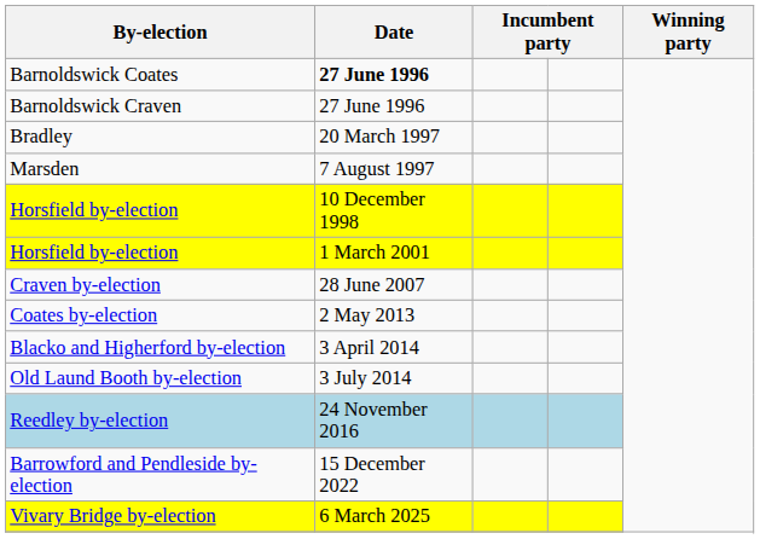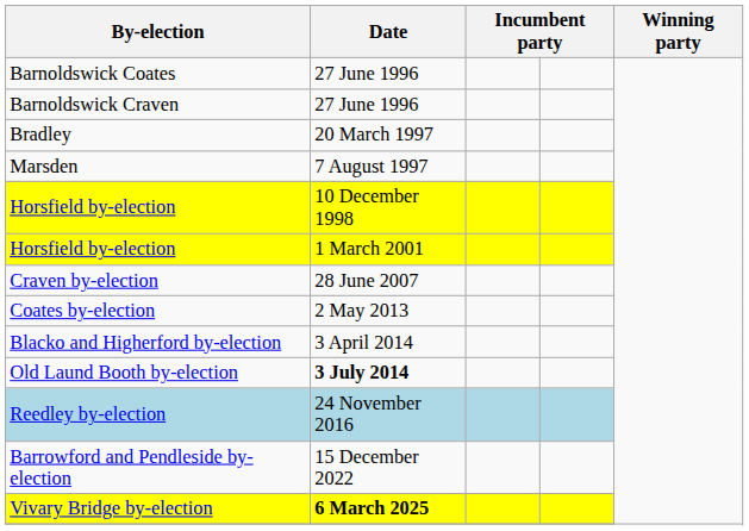 <table class="wikitable">
 <tr>
 <th>By-election</th>
 <th>Date</th>
 <th colspan=2>Incumbent party</th>
 <th colspan=2>Winning party</th>
 </tr>
 <tr bgcolor=>
 <td>Barnoldswick Coates</td>
-<td><strong>27 June 1996</strong></td>
+<td>27 June 1996</td>
 <td></td>
 <td></td>
 </tr>
 <tr bgcolor=>
 <td>Barnoldswick Craven</td>
 <td>27 June 1996</td>
 <td></td>
 <td></td>
 </tr>
 <tr bgcolor=>
 <td>Bradley</td>
 <td>20 March 1997</td>
 <td></td>
 <td></td>
 </tr>
 <tr bgcolor=>
 <td>Marsden</td>
 <td>7 August 1997</td>
 <td></td>
 <td></td>
 </tr>
 <tr bgcolor=yellow>
 <td><a href='#'>Horsfield by-election</a></td>
 <td>10 December 1998</td>
 <td></td>
 <td></td>
 </tr>
 <tr bgcolor=yellow>
 <td><a href='#'>Horsfield by-election</a></td>
 <td>1 March 2001</td>
 <td></td>
 <td></td>
 </tr>
 <tr bgcolor=>
 <td><a href='#'>Craven by-election</a></td>
 <td>28 June 2007</td>
 <td></td>
 <td></td>
 </tr>
 <tr bgcolor=>
 <td><a href='#'>Coates by-election</a></td>
 <td>2 May 2013</td>
 <td></td>
 <td></td>
 </tr>
 <tr bgcolor=>
 <td><a href='#'>Blacko and Higherford by-election</a></td>
 <td>3 April 2014</td>
 <td></td>
 <td></td>
 </tr>
 <tr bgcolor=>
 <td><a href='#'>Old Laund Booth by-election</a></td>
-<td>3 July 2014</td>
+<td><strong>3 July 2014</strong></td>
 <td></td>
 <td></td>
 </tr>
 <tr bgcolor=lightblue>
 <td><a href='#'>Reedley by-election</a></td>
 <td>24 November 2016</td>
 <td></td>
 <td></td>
 </tr>
 <tr>
 <td><a href='#'>Barrowford and Pendleside by-election</a></td>
 <td>15 December 2022</td>
 <td></td>
 <td></td>
 </tr>
 <tr bgcolor=yellow>
 <td><a href='#'>Vivary Bridge by-election</a></td>
-<td>6 March 2025</td>
+<td><strong>6 March 2025</strong></td>
 <td></td>
 <td></td>
 </tr>
 <tr bgcolor=>
 </tr>
 </table>
